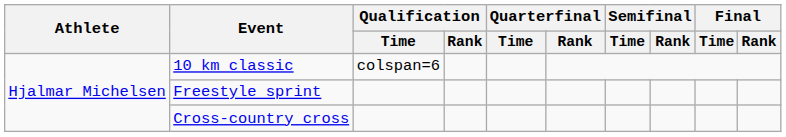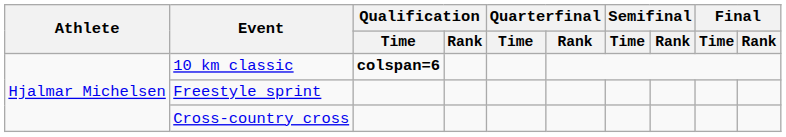 <table class="wikitable" style="font-size:90%">
 <tr>
 <th rowspan="2">Athlete</th>
 <th rowspan="2">Event</th>
 <th colspan="2">Qualification</th>
 <th colspan="2">Quarterfinal</th>
 <th colspan="2">Semifinal</th>
 <th colspan="2">Final</th>
 </tr>
 <tr style="font-size:95%">
 <th>Time</th>
 <th>Rank</th>
 <th>Time</th>
 <th>Rank</th>
 <th>Time</th>
 <th>Rank</th>
 <th>Time</th>
 <th>Rank</th>
 </tr>
 <tr align=center>
 <td align=left rowspan=3><a href='#'>Hjalmar Michelsen</a></td>
 <td align=left><a href='#'>10 km classic</a></td>
-<td>colspan=6 </td>
+<td><strong>colspan=6 </strong></td>
 <td></td>
 <td></td>
 </tr>
 <tr align=center>
 <td align=left><a href='#'>Freestyle sprint</a></td>
 <td></td>
 <td></td>
 <td></td>
 <td></td>
 <td></td>
 <td></td>
 <td></td>
 <td></td>
 </tr>
 <tr align=center>
 <td align=left><a href='#'>Cross-country cross</a></td>
 <td></td>
 <td></td>
 <td></td>
 <td></td>
 <td></td>
 <td></td>
 <td></td>
 <td></td>
 </tr>
 </table>
